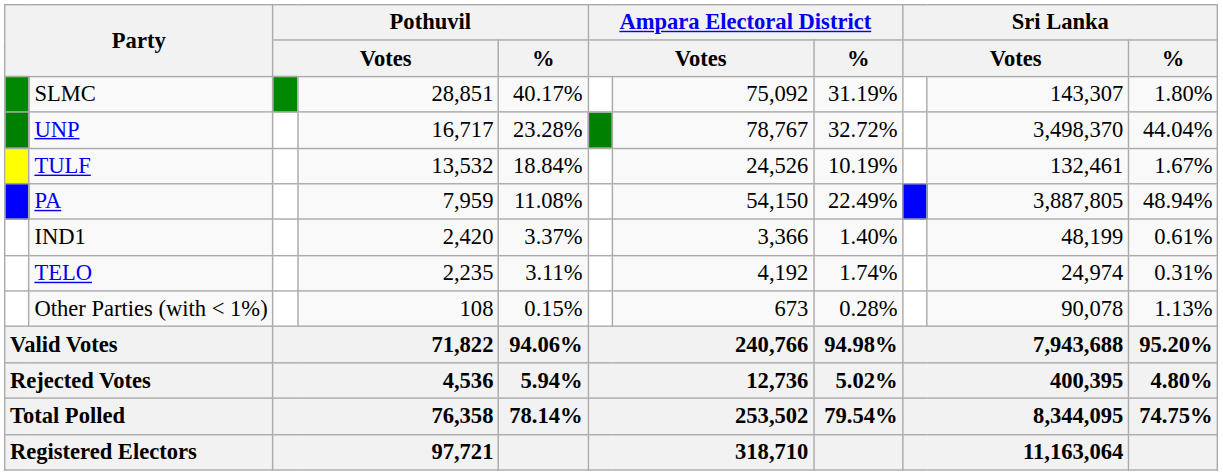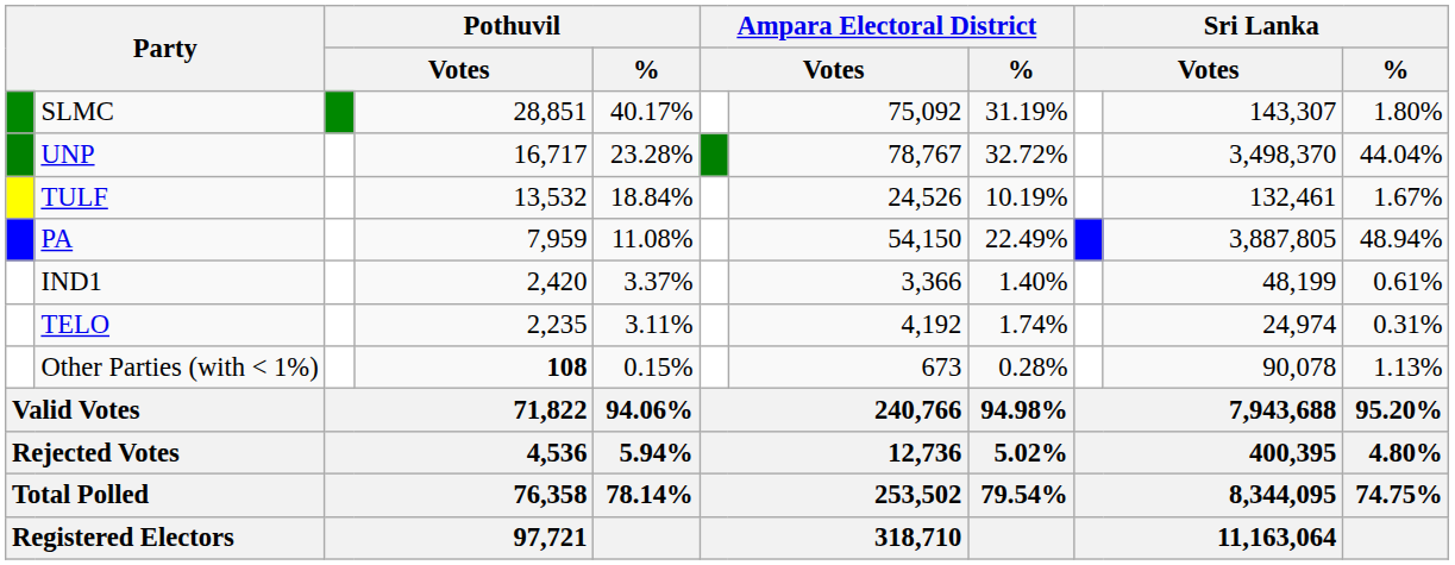 <table class="wikitable">
 <tr>
 <th colspan="2" width="144px"rowspan="2">Party</th>
 <th colspan="3" width="216px">Pothuvil</th>
 <th colspan="3" width="216px"><a href='#'>Ampara Electoral District</a></th>
 <th colspan="3" width="216px">Sri Lanka</th>
 </tr>
 <tr>
 <th colspan="2" width="144px">Votes</th>
 <th>%</th>
 <th colspan="2" width="144px">Votes</th>
 <th>%</th>
 <th colspan="2" width="144px">Votes</th>
 <th>%</th>
 </tr>
 <tr>
 <td style="background-color:#008800;" width="10px"></td>
 <td style="text-align:left;">SLMC</td>
 <td style="background-color:#008800;" width="10px"></td>
 <td style="text-align:right;">28,851</td>
 <td style="text-align:right;">40.17%</td>
 <td style="background-color:white;" width="10px"></td>
 <td style="text-align:right;">75,092</td>
 <td style="text-align:right;">31.19%</td>
 <td style="background-color:white;" width="10px"></td>
 <td style="text-align:right;">143,307</td>
 <td style="text-align:right;">1.80%</td>
 </tr>
 <tr>
 <td style="background-color:green;" width="10px"></td>
 <td style="text-align:left;"><a href='#'>UNP</a></td>
 <td style="background-color:white;" width="10px"></td>
 <td style="text-align:right;">16,717</td>
 <td style="text-align:right;">23.28%</td>
 <td style="background-color:green;" width="10px"></td>
 <td style="text-align:right;">78,767</td>
 <td style="text-align:right;">32.72%</td>
 <td style="background-color:white;" width="10px"></td>
 <td style="text-align:right;">3,498,370</td>
 <td style="text-align:right;">44.04%</td>
 </tr>
 <tr>
 <td style="background-color:yellow;" width="10px"></td>
 <td style="text-align:left;"><a href='#'>TULF</a></td>
 <td style="background-color:white;" width="10px"></td>
 <td style="text-align:right;">13,532</td>
 <td style="text-align:right;">18.84%</td>
 <td style="background-color:white;" width="10px"></td>
 <td style="text-align:right;">24,526</td>
 <td style="text-align:right;">10.19%</td>
 <td style="background-color:white;" width="10px"></td>
 <td style="text-align:right;">132,461</td>
 <td style="text-align:right;">1.67%</td>
 </tr>
 <tr>
 <td style="background-color:blue;" width="10px"></td>
 <td style="text-align:left;"><a href='#'>PA</a></td>
 <td style="background-color:white;" width="10px"></td>
 <td style="text-align:right;">7,959</td>
 <td style="text-align:right;">11.08%</td>
 <td style="background-color:white;" width="10px"></td>
 <td style="text-align:right;">54,150</td>
 <td style="text-align:right;">22.49%</td>
 <td style="background-color:blue;" width="10px"></td>
 <td style="text-align:right;">3,887,805</td>
 <td style="text-align:right;">48.94%</td>
 </tr>
 <tr>
 <td style="background-color:white;" width="10px"></td>
 <td style="text-align:left;">IND1</td>
 <td style="background-color:white;" width="10px"></td>
 <td style="text-align:right;">2,420</td>
 <td style="text-align:right;">3.37%</td>
 <td style="background-color:white;" width="10px"></td>
 <td style="text-align:right;">3,366</td>
 <td style="text-align:right;">1.40%</td>
 <td style="background-color:white;" width="10px"></td>
 <td style="text-align:right;">48,199</td>
 <td style="text-align:right;">0.61%</td>
 </tr>
 <tr>
 <td style="background-color:white;" width="10px"></td>
 <td style="text-align:left;"><a href='#'>TELO</a></td>
 <td style="background-color:white;" width="10px"></td>
 <td style="text-align:right;">2,235</td>
 <td style="text-align:right;">3.11%</td>
 <td style="background-color:white;" width="10px"></td>
 <td style="text-align:right;">4,192</td>
 <td style="text-align:right;">1.74%</td>
 <td style="background-color:white;" width="10px"></td>
 <td style="text-align:right;">24,974</td>
 <td style="text-align:right;">0.31%</td>
 </tr>
 <tr>
 <td style="background-color:white;" width="10px"></td>
 <td style="text-align:left;">Other Parties (with < 1%)</td>
 <td style="background-color:white;" width="10px"></td>
-<td style="text-align:right;">108</td>
+<td style="text-align:right;"><strong>108</strong></td>
 <td style="text-align:right;">0.15%</td>
 <td style="background-color:white;" width="10px"></td>
 <td style="text-align:right;">673</td>
 <td style="text-align:right;">0.28%</td>
 <td style="background-color:white;" width="10px"></td>
 <td style="text-align:right;">90,078</td>
 <td style="text-align:right;">1.13%</td>
 </tr>
 <tr>
 <th colspan="2" width="144px"style="text-align:left;">Valid Votes</th>
 <th style="text-align:right;"colspan="2" width="144px">71,822</th>
 <th style="text-align:right;">94.06%</th>
 <th style="text-align:right;"colspan="2" width="144px">240,766</th>
 <th style="text-align:right;">94.98%</th>
 <th style="text-align:right;"colspan="2" width="144px">7,943,688</th>
 <th style="text-align:right;">95.20%</th>
 </tr>
 <tr>
 <th colspan="2" width="144px"style="text-align:left;">Rejected Votes</th>
 <th style="text-align:right;"colspan="2" width="144px">4,536</th>
 <th style="text-align:right;">5.94%</th>
 <th style="text-align:right;"colspan="2" width="144px">12,736</th>
 <th style="text-align:right;">5.02%</th>
 <th style="text-align:right;"colspan="2" width="144px">400,395</th>
 <th style="text-align:right;">4.80%</th>
 </tr>
 <tr>
 <th colspan="2" width="144px"style="text-align:left;">Total Polled</th>
 <th style="text-align:right;"colspan="2" width="144px">76,358</th>
 <th style="text-align:right;">78.14%</th>
 <th style="text-align:right;"colspan="2" width="144px">253,502</th>
 <th style="text-align:right;">79.54%</th>
 <th style="text-align:right;"colspan="2" width="144px">8,344,095</th>
 <th style="text-align:right;">74.75%</th>
 </tr>
 <tr>
 <th colspan="2" width="144px"style="text-align:left;">Registered Electors</th>
 <th style="text-align:right;"colspan="2" width="144px">97,721</th>
 <th></th>
 <th style="text-align:right;"colspan="2" width="144px">318,710</th>
 <th></th>
 <th style="text-align:right;"colspan="2" width="144px">11,163,064</th>
 <th></th>
 </tr>
 </table>
